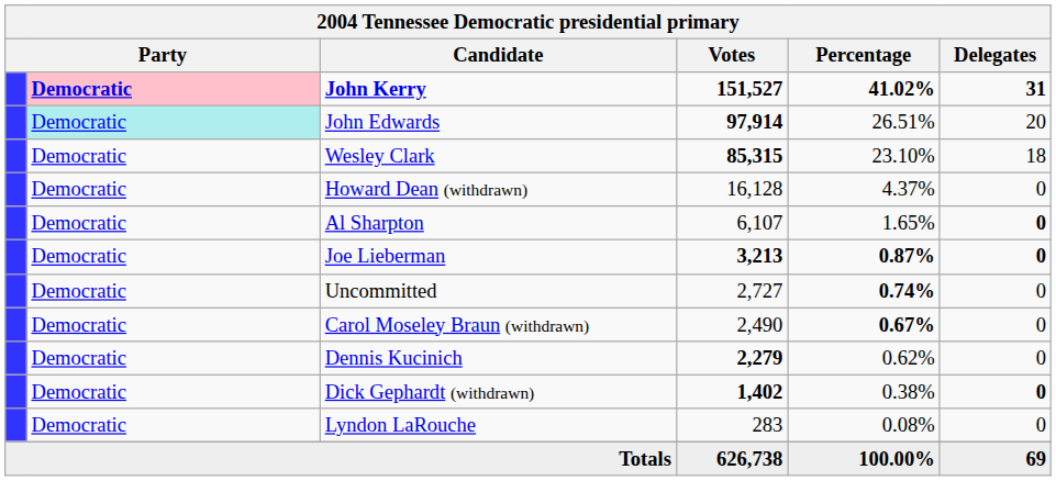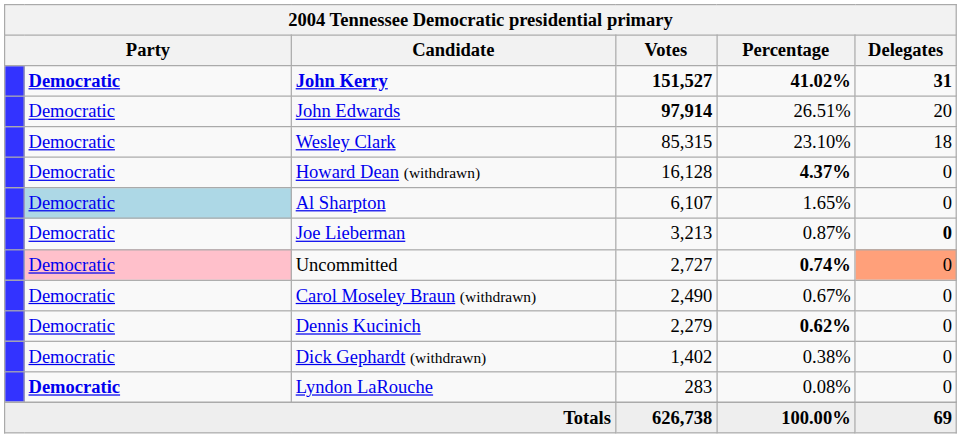 <table class="wikitable" style="font-size: 95%;">
 <tr>
 <th colspan="6">2004 Tennessee Democratic presidential primary</th>
 </tr>
 <tr>
 <th colspan="2" style="width: 15em">Party</th>
 <th style="width: 17em">Candidate</th>
 <th style="width: 5em">Votes</th>
 <th style="width: 7em">Percentage</th>
 <th style="width: 5em">Delegates</th>
 </tr>
 <tr>
 <th style="background-color:#3333FF; width: 3px"></th>
-<td style="background: pink; width: 130px"><strong><a href='#'>Democratic</a></strong></td>
+<td style="width: 130px"><strong><a href='#'>Democratic</a></strong></td>
 <td><strong><a href='#'>John Kerry</a></strong></td>
 <td align="right"><strong>151,527</strong></td>
 <td align="right"><strong>41.02%</strong></td>
 <td align="right"><strong>31</strong></td>
 </tr>
 <tr>
 <th style="background-color:#3333FF; width: 3px"></th>
-<td style="background: paleturquoise; width: 130px"><a href='#'>Democratic</a></td>
+<td style="width: 130px"><a href='#'>Democratic</a></td>
 <td><a href='#'>John Edwards</a></td>
 <td align="right"><strong>97,914</strong></td>
 <td align="right">26.51%</td>
 <td align="right">20</td>
 </tr>
 <tr>
 <th style="background-color:#3333FF; width: 3px"></th>
 <td style="width: 130px"><a href='#'>Democratic</a></td>
 <td><a href='#'>Wesley Clark</a></td>
-<td align="right"><strong>85,315</strong></td>
+<td align="right">85,315</td>
 <td align="right">23.10%</td>
 <td align="right">18</td>
 </tr>
 <tr>
 <th style="background-color:#3333FF; width: 3px"></th>
 <td style="width: 130px"><a href='#'>Democratic</a></td>
 <td><a href='#'>Howard Dean</a> <small>(withdrawn)</small></td>
 <td align="right">16,128</td>
-<td align="right">4.37%</td>
+<td align="right"><strong>4.37%</strong></td>
+<td align="right">0</td>
+</tr>
+<tr>
+<th style="background-color:#3333FF; width: 3px"></th>
+<td style="background: lightblue; width: 130px"><a href='#'>Democratic</a></td>
+<td><a href='#'>Al Sharpton</a></td>
+<td align="right">6,107</td>
+<td align="right">1.65%</td>
 <td align="right">0</td>
 </tr>
 <tr>
 <th style="background-color:#3333FF; width: 3px"></th>
 <td style="width: 130px"><a href='#'>Democratic</a></td>
-<td><a href='#'>Al Sharpton</a></td>
-<td align="right">6,107</td>
-<td align="right">1.65%</td>
+<td><a href='#'>Joe Lieberman</a></td>
+<td align="right">3,213</td>
+<td align="right">0.87%</td>
 <td align="right"><strong>0</strong></td>
 </tr>
 <tr>
 <th style="background-color:#3333FF; width: 3px"></th>
-<td style="width: 130px"><a href='#'>Democratic</a></td>
-<td><a href='#'>Joe Lieberman</a></td>
-<td align="right"><strong>3,213</strong></td>
-<td align="right"><strong>0.87%</strong></td>
-<td align="right"><strong>0</strong></td>
-</tr>
-<tr>
-<th style="background-color:#3333FF; width: 3px"></th>
-<td style="width: 130px"><a href='#'>Democratic</a></td>
+<td style="background: pink; width: 130px"><a href='#'>Democratic</a></td>
 <td>Uncommitted</td>
 <td align="right">2,727</td>
 <td align="right"><strong>0.74%</strong></td>
-<td align="right">0</td>
+<td align="right" style="background: lightsalmon;">0</td>
 </tr>
 <tr>
 <th style="background-color:#3333FF; width: 3px"></th>
 <td style="width: 130px"><a href='#'>Democratic</a></td>
 <td><a href='#'>Carol Moseley Braun</a> <small>(withdrawn)</small></td>
 <td align="right">2,490</td>
-<td align="right"><strong>0.67%</strong></td>
+<td align="right">0.67%</td>
 <td align="right">0</td>
 </tr>
 <tr>
 <th style="background-color:#3333FF; width: 3px"></th>
 <td style="width: 130px"><a href='#'>Democratic</a></td>
 <td><a href='#'>Dennis Kucinich</a></td>
-<td align="right"><strong>2,279</strong></td>
-<td align="right">0.62%</td>
+<td align="right">2,279</td>
+<td align="right"><strong>0.62%</strong></td>
 <td align="right">0</td>
 </tr>
 <tr>
 <th style="background-color:#3333FF; width: 3px"></th>
 <td style="width: 130px"><a href='#'>Democratic</a></td>
 <td><a href='#'>Dick Gephardt</a> <small>(withdrawn)</small></td>
-<td align="right"><strong>1,402</strong></td>
+<td align="right">1,402</td>
 <td align="right">0.38%</td>
-<td align="right"><strong>0</strong></td>
+<td align="right">0</td>
 </tr>
 <tr>
 <th style="background-color:#3333FF; width: 3px"></th>
-<td style="width: 130px"><a href='#'>Democratic</a></td>
+<td style="width: 130px"><strong><a href='#'>Democratic</a></strong></td>
 <td><a href='#'>Lyndon LaRouche</a></td>
 <td align="right">283</td>
 <td align="right">0.08%</td>
 <td align="right">0</td>
 </tr>
 <tr>
 </tr>
 <tr bgcolor="#EEEEEE">
 <td colspan="3" align="right"><strong>Totals</strong></td>
 <td align="right"><strong>626,738</strong></td>
 <td align="right"><strong>100.00%</strong></td>
 <td align="right"><strong>69</strong></td>
 </tr>
 </table>
